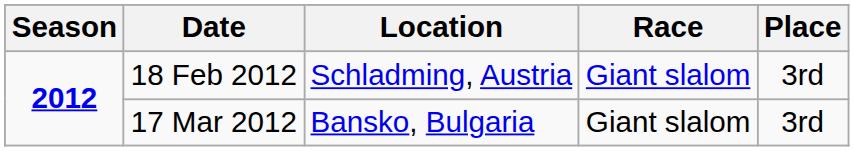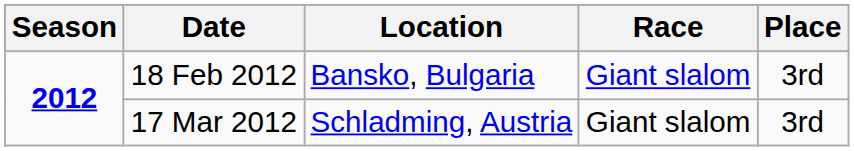 <table class="wikitable">
 <tr>
 <th>Season</th>
 <th>Date</th>
 <th>Location</th>
 <th>Race</th>
 <th>Place</th>
 </tr>
 <tr>
 <td rowspan=2 align=center><strong><a href='#'>2012</a></strong></td>
 <td align=right>18 Feb 2012</td>
-<td> <a href='#'>Schladming</a>, <a href='#'>Austria</a></td>
+<td> <a href='#'>Bansko</a>, <a href='#'>Bulgaria</a></td>
 <td align=center><a href='#'>Giant slalom</a></td>
 <td align=center>3rd</td>
 </tr>
 <tr>
 <td align=right>17 Mar 2012</td>
-<td> <a href='#'>Bansko</a>, <a href='#'>Bulgaria</a></td>
+<td> <a href='#'>Schladming</a>, <a href='#'>Austria</a></td>
 <td align=center>Giant slalom</td>
 <td align=center>3rd</td>
 </tr>
 </table>
